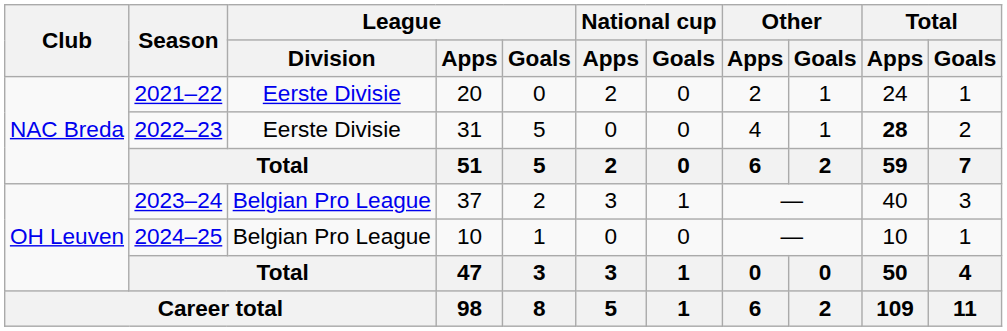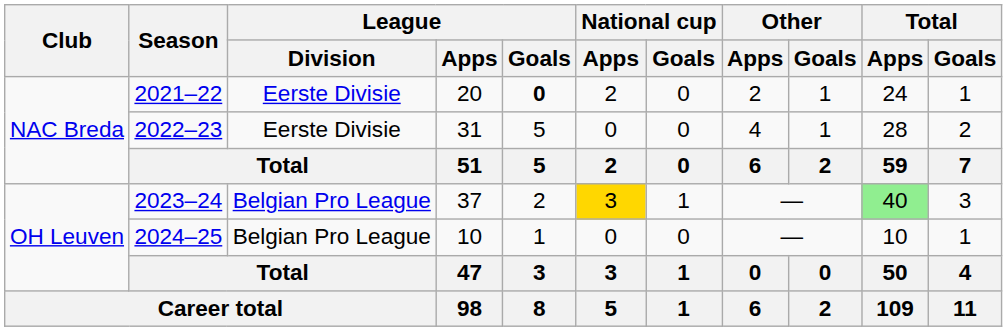 <table class="wikitable" style="text-align:center">
 <tr>
 <th rowspan="2">Club</th>
 <th rowspan="2">Season</th>
 <th colspan="3">League</th>
 <th colspan="2">National cup</th>
 <th colspan="2">Other</th>
 <th colspan="2">Total</th>
 </tr>
 <tr>
 <th>Division</th>
 <th>Apps</th>
 <th>Goals</th>
 <th>Apps</th>
 <th>Goals</th>
 <th>Apps</th>
 <th>Goals</th>
 <th>Apps</th>
 <th>Goals</th>
 </tr>
 <tr>
 <td rowspan="3"><a href='#'>NAC Breda</a></td>
 <td><a href='#'>2021–22</a></td>
 <td><a href='#'>Eerste Divisie</a></td>
 <td>20</td>
-<td>0</td>
+<td><strong>0</strong></td>
 <td>2</td>
 <td>0</td>
 <td>2</td>
 <td>1</td>
 <td>24</td>
 <td>1</td>
 </tr>
 <tr>
 <td><a href='#'>2022–23</a></td>
 <td>Eerste Divisie</td>
 <td>31</td>
 <td>5</td>
 <td>0</td>
 <td>0</td>
 <td>4</td>
 <td>1</td>
-<td><strong>28</strong></td>
+<td>28</td>
 <td>2</td>
 </tr>
 <tr>
 <th colspan="2">Total</th>
 <th>51</th>
 <th>5</th>
 <th>2</th>
 <th>0</th>
 <th>6</th>
 <th>2</th>
 <th>59</th>
 <th>7</th>
 </tr>
 <tr>
 <td rowspan="3"><a href='#'>OH Leuven</a></td>
 <td><a href='#'>2023–24</a></td>
 <td><a href='#'>Belgian Pro League</a></td>
 <td>37</td>
 <td>2</td>
-<td>3</td>
+<td style="background: gold;">3</td>
 <td>1</td>
 <td colspan="2">—</td>
-<td>40</td>
+<td style="background: lightgreen;">40</td>
 <td>3</td>
 </tr>
 <tr>
 <td><a href='#'>2024–25</a></td>
 <td>Belgian Pro League</td>
 <td>10</td>
 <td>1</td>
 <td>0</td>
 <td>0</td>
 <td colspan="2">—</td>
 <td>10</td>
 <td>1</td>
 </tr>
 <tr>
 <th colspan="2">Total</th>
 <th>47</th>
 <th>3</th>
 <th>3</th>
 <th>1</th>
 <th>0</th>
 <th>0</th>
 <th>50</th>
 <th>4</th>
 </tr>
 <tr>
 <th colspan="3">Career total</th>
 <th>98</th>
 <th>8</th>
 <th>5</th>
 <th>1</th>
 <th>6</th>
 <th>2</th>
 <th>109</th>
 <th>11</th>
 </tr>
 </table>
